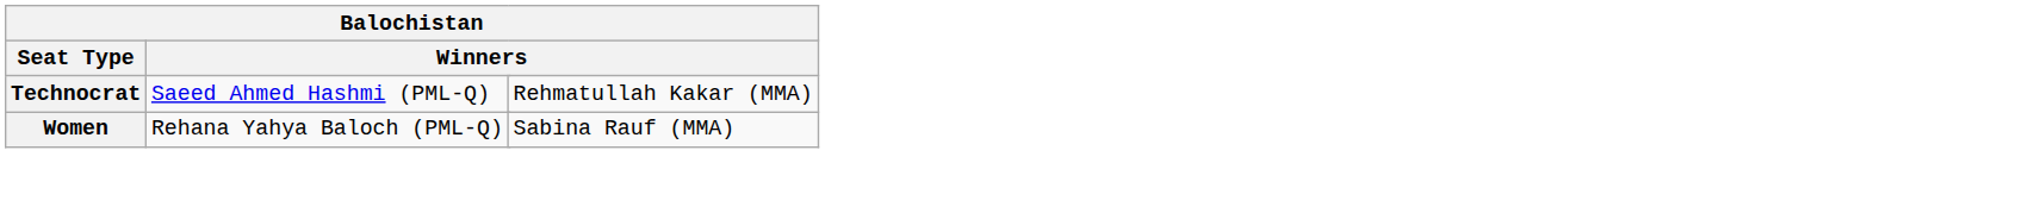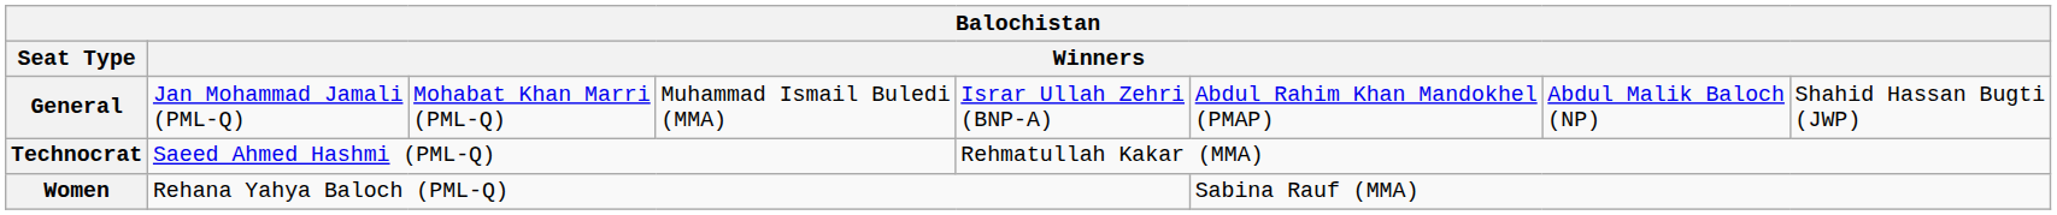 <table class="wikitable">
 <tr>
 <th colspan="8">Balochistan</th>
 </tr>
 <tr>
 <th>Seat Type</th>
 <th colspan="7">Winners</th>
+</tr>
+<tr>
+<th>General</th>
+<td style="background:"><a href='#'>Jan Mohammad Jamali</a><br>(PML-Q)</td>
+<td style="background:"><a href='#'>Mohabat Khan Marri</a><br>(PML-Q)</td>
+<td style="background:">Muhammad Ismail Buledi<br>(MMA)</td>
+<td style="background:"><a href='#'>Israr Ullah Zehri</a><br>(BNP-A)</td>
+<td style="background:"><a href='#'>Abdul Rahim Khan Mandokhel</a><br>(PMAP)</td>
+<td style="background:"><a href='#'>Abdul Malik Baloch</a><br>(NP)</td>
+<td style="background:">Shahid Hassan Bugti<br>(JWP)</td>
 </tr>
 <tr>
 <th>Technocrat</th>
 <td colspan="3" style="background:"><a href='#'>Saeed Ahmed Hashmi</a> (PML-Q)</td>
 <td colspan="4" style="background:">Rehmatullah Kakar (MMA)</td>
 </tr>
 <tr>
 <th>Women</th>
 <td colspan="4" style="background:">Rehana Yahya Baloch (PML-Q)</td>
 <td colspan="3" style="background:">Sabina Rauf (MMA)</td>
 </tr>
 </table>
